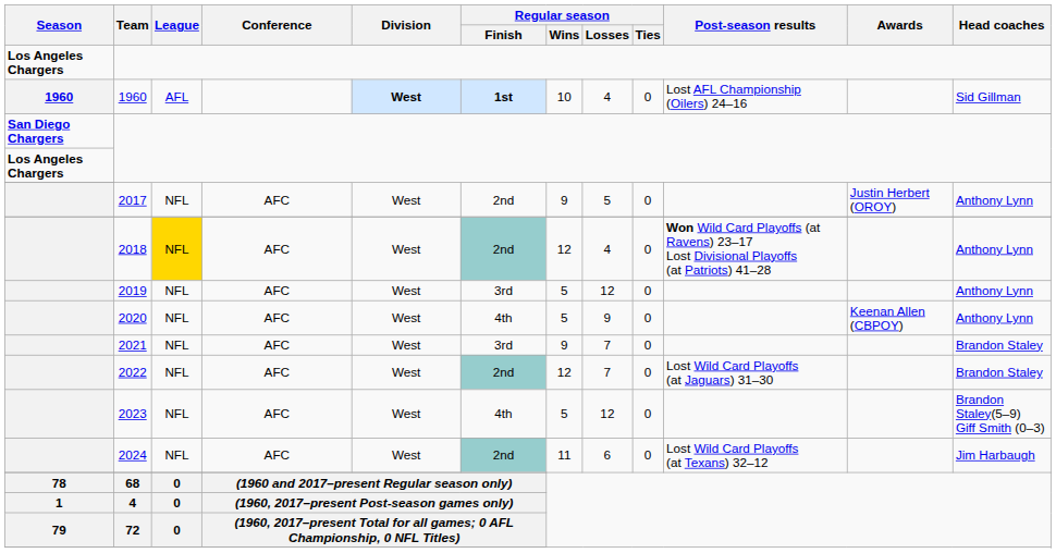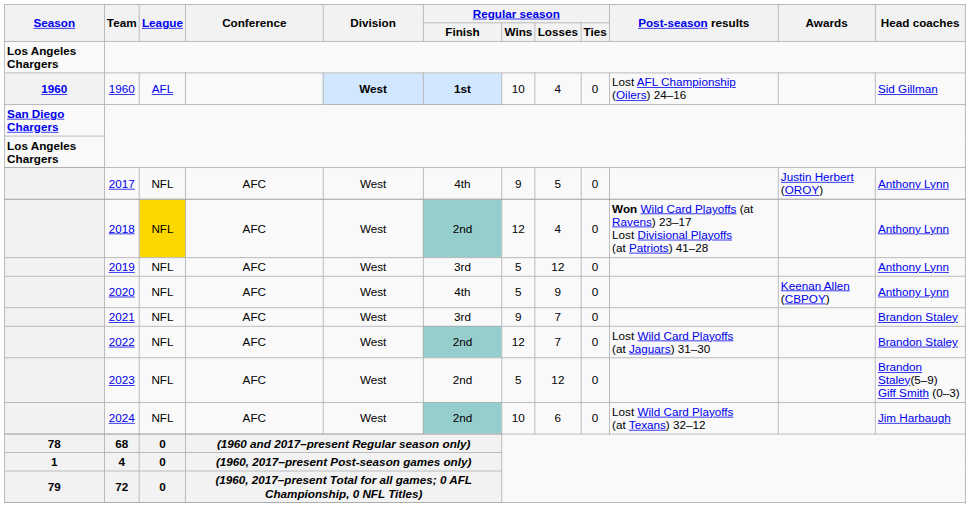 <table class="wikitable" style="font-size: 95%;">
 <tr>
 <th rowspan="2"><a href='#'>Season</a></th>
 <th rowspan="2">Team</th>
 <th rowspan="2"><a href='#'>League</a></th>
 <th rowspan="2">Conference</th>
 <th rowspan="2">Division</th>
 <th colspan="4"><a href='#'>Regular season</a></th>
 <th rowspan="2"><a href='#'>Post-season</a> results</th>
 <th rowspan="2">Awards</th>
 <th rowspan="2">Head coaches</th>
 </tr>
 <tr>
 <th>Finish</th>
 <th>Wins</th>
 <th>Losses</th>
 <th>Ties</th>
 </tr>
 <tr>
 <td><strong>Los Angeles Chargers</strong></td>
 </tr>
 <tr>
 <th align="center"><a href='#'>1960</a></th>
 <td align="center"><a href='#'>1960</a></td>
 <td align="center"><a href='#'>AFL</a></td>
 <td align="center"></td>
 <td align="center" style="background: #D0E7FF;"><strong>West</strong></td>
 <td align="center" style="background: #D0E7FF;"><strong>1st</strong></td>
 <td align="center">10</td>
 <td align="center">4</td>
 <td align="center">0</td>
 <td>Lost <a href='#'>AFL Championship</a> (<a href='#'>Oilers</a>) 24–16</td>
 <td></td>
 <td><a href='#'>Sid Gillman</a></td>
 </tr>
 <tr>
 <td><strong><a href='#'><span>San Diego Chargers</span></a></strong></td>
 </tr>
 <tr>
 <td><strong>Los Angeles Chargers</strong></td>
 </tr>
 <tr>
 </tr>
 <tr>
 <th align="center"></th>
 <td align="center"><a href='#'>2017</a></td>
 <td align="center">NFL</td>
 <td align="center">AFC</td>
 <td align="center">West</td>
-<td align="center">2nd</td>
+<td align="center">4th</td>
 <td align="center">9</td>
 <td align="center">5</td>
 <td align="center">0</td>
 <td></td>
 <td><a href='#'>Justin Herbert</a> (<a href='#'>OROY</a>)</td>
 <td><a href='#'>Anthony Lynn</a></td>
 </tr>
 <tr>
 </tr>
 <tr>
 <th align="center"></th>
 <td align="center"><a href='#'>2018</a></td>
 <td align="center" style="background: gold;">NFL</td>
 <td align="center">AFC</td>
 <td align="center">West</td>
 <td align="center" style="background: #96CDCD;">2nd</td>
 <td align="center">12</td>
 <td align="center">4</td>
 <td align="center">0</td>
 <td><strong>Won</strong> <a href='#'>Wild Card Playoffs</a> (at <a href='#'>Ravens</a>) 23–17<br>Lost <a href='#'>Divisional Playoffs</a><br>(at <a href='#'>Patriots</a>) 41–28</td>
 <td></td>
 <td><a href='#'>Anthony Lynn</a></td>
 </tr>
 <tr>
 <th align="center"></th>
 <td align="center"><a href='#'>2019</a></td>
 <td align="center">NFL</td>
 <td align="center">AFC</td>
 <td align="center">West</td>
 <td align="center">3rd</td>
 <td align="center">5</td>
 <td align="center">12</td>
 <td align="center">0</td>
 <td></td>
 <td></td>
 <td><a href='#'>Anthony Lynn</a></td>
 </tr>
 <tr>
 <th align="center"></th>
 <td align="center"><a href='#'>2020</a></td>
 <td align="center">NFL</td>
 <td align="center">AFC</td>
 <td align="center">West</td>
 <td align="center">4th</td>
 <td align="center">5</td>
 <td align="center">9</td>
 <td align="center">0</td>
 <td></td>
 <td><a href='#'>Keenan Allen</a> (<a href='#'>CBPOY</a>)</td>
 <td><a href='#'>Anthony Lynn</a></td>
 </tr>
 <tr>
 <th align="center"></th>
 <td align="center"><a href='#'>2021</a></td>
 <td align="center">NFL</td>
 <td align="center">AFC</td>
 <td align="center">West</td>
 <td align="center">3rd</td>
 <td align="center">9</td>
 <td align="center">7</td>
 <td align="center">0</td>
 <td></td>
 <td></td>
 <td><a href='#'>Brandon Staley</a></td>
 </tr>
 <tr>
 <th align="center"></th>
 <td align="center"><a href='#'>2022</a></td>
 <td align="center">NFL</td>
 <td align="center">AFC</td>
 <td align="center">West</td>
 <td align="center"style="background: #96CDCD;">2nd</td>
 <td align="center">12</td>
 <td align="center">7</td>
 <td align="center">0</td>
 <td>Lost <a href='#'>Wild Card Playoffs</a><br>(at <a href='#'>Jaguars</a>) 31–30</td>
 <td></td>
 <td><a href='#'>Brandon Staley</a></td>
 </tr>
 <tr>
 <th align="center"></th>
 <td align="center"><a href='#'>2023</a></td>
 <td align="center">NFL</td>
 <td align="center">AFC</td>
 <td align="center">West</td>
-<td align="center">4th</td>
+<td align="center">2nd</td>
 <td align="center">5</td>
 <td align="center">12</td>
 <td align="center">0</td>
 <td></td>
 <td></td>
 <td><a href='#'>Brandon Staley</a>(5–9)<br><a href='#'>Giff Smith</a> (0–3)</td>
 </tr>
 <tr>
 <th align="center"></th>
 <td align="center"><a href='#'>2024</a></td>
 <td align="center">NFL</td>
 <td align="center">AFC</td>
 <td align="center">West</td>
 <td align="center"style="background: #96CDCD;">2nd</td>
-<td align="center">11</td>
+<td align="center">10</td>
 <td align="center">6</td>
 <td align="center">0</td>
 <td>Lost <a href='#'>Wild Card Playoffs</a><br>(at <a href='#'>Texans</a>) 32–12</td>
 <td></td>
 <td><a href='#'>Jim Harbaugh</a></td>
 </tr>
 <tr>
 </tr>
 <tr !align="center" rowSpan="3" colSpan="6"|Total>
 <th align="center"><strong>78</strong></th>
 <th align="center"><strong>68</strong></th>
 <th align="center"><strong>0</strong></th>
 <th colSpan="3"><em>(1960 and 2017–present Regular season only)</em></th>
 </tr>
 <tr>
 <th align="center"><strong>1</strong></th>
 <th align="center"><strong>4</strong></th>
 <th align="center"><strong>0</strong></th>
 <th colSpan="3"><em>(1960, 2017–present Post-season games only)</em></th>
 </tr>
 <tr>
 <th align="center"><strong>79</strong></th>
 <th align="center"><strong>72</strong></th>
 <th align="center"><strong>0</strong></th>
 <th colSpan="3"><em>(1960, 2017–present Total for all games; 0 AFL Championship, 0 NFL Titles)</em></th>
 </tr>
 <tr>
 </tr>
 </table>
